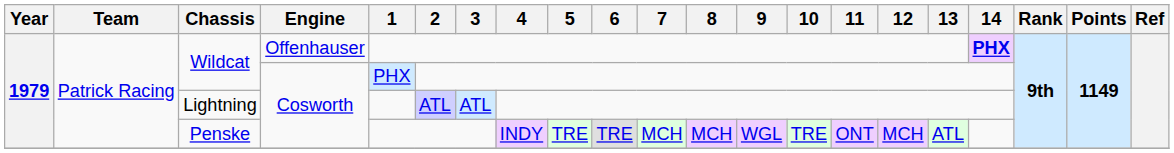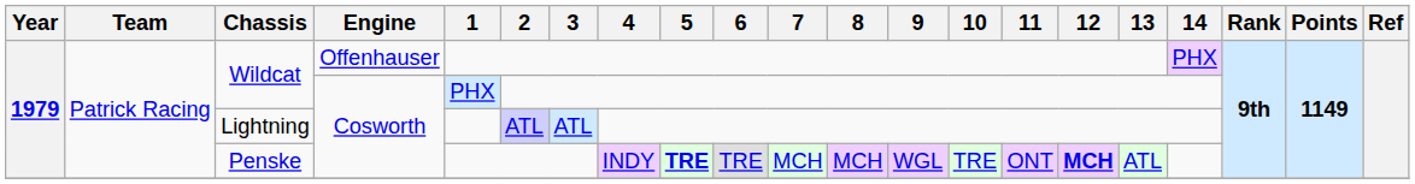 <table class="wikitable" style="text-align:center; font-size:90%">
 <tr>
 <th>Year</th>
 <th>Team</th>
 <th>Chassis</th>
 <th>Engine</th>
 <th>1</th>
 <th>2</th>
 <th>3</th>
 <th>4</th>
 <th>5</th>
 <th>6</th>
 <th>7</th>
 <th>8</th>
 <th>9</th>
 <th>10</th>
 <th>11</th>
 <th>12</th>
 <th>13</th>
 <th>14</th>
 <th>Rank</th>
 <th>Points</th>
 <th>Ref</th>
 </tr>
 <tr>
 <th rowspan="4"><a href='#'>1979</a></th>
 <td rowspan="4"><a href='#'>Patrick Racing</a></td>
 <td rowspan="2"><a href='#'>Wildcat</a></td>
 <td><a href='#'>Offenhauser</a></td>
 <td colspan=13></td>
-<td style="background:#EFCFFF;"><strong><a href='#'>PHX</a><br></strong></td>
+<td style="background:#EFCFFF;"><a href='#'>PHX</a><br></td>
 <th style="background:#CFEAFF;" rowspan="4">9th</th>
 <th style="background:#CFEAFF;" rowspan="4">1149</th>
 <th rowspan=4></th>
 </tr>
 <tr>
 <td rowspan="3"><a href='#'>Cosworth</a></td>
 <td style="background:#CFEAFF;"><a href='#'>PHX</a><br></td>
 <td colspan=13></td>
 </tr>
 <tr>
 <td>Lightning</td>
 <td></td>
 <td style="background:#CFCFFF;"><a href='#'>ATL</a><br></td>
 <td style="background:#CFEAFF;"><a href='#'>ATL</a><br></td>
 <td colspan=11></td>
 </tr>
 <tr>
 <td><a href='#'>Penske</a></td>
 <td colspan=3></td>
 <td style="background:#EFCFFF;"><a href='#'>INDY</a><br></td>
-<td style="background:#DFFFDF;"><a href='#'>TRE</a><br></td>
+<td style="background:#DFFFDF;"><strong><a href='#'>TRE</a><br></strong></td>
 <td style="background:#DFDFDF;"><a href='#'>TRE</a><br></td>
 <td style="background:#DFFFDF;"><a href='#'>MCH</a><br></td>
 <td style="background:#EFCFFF;"><a href='#'>MCH</a><br></td>
 <td style="background:#EFCFFF;"><a href='#'>WGL</a><br></td>
 <td style="background:#DFFFDF;"><a href='#'>TRE</a><br></td>
 <td style="background:#EFCFFF;"><a href='#'>ONT</a><br></td>
-<td style="background:#EFCFFF;"><a href='#'>MCH</a><br></td>
+<td style="background:#EFCFFF;"><strong><a href='#'>MCH</a><br></strong></td>
 <td style="background:#DFFFDF;"><a href='#'>ATL</a><br></td>
 <td></td>
 </tr>
 <tr>
 </tr>
 </table>
